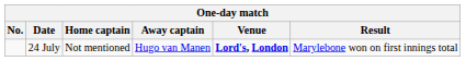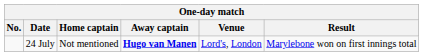 <table class="wikitable">
 <tr>
 <th colspan="9">One-day match</th>
 </tr>
 <tr>
 <th>No.</th>
 <th>Date</th>
 <th>Home captain</th>
 <th>Away captain</th>
 <th>Venue</th>
 <th>Result</th>
 </tr>
 <tr>
 <td></td>
 <td>24 July</td>
 <td>Not mentioned</td>
-<td><a href='#'>Hugo van Manen</a></td>
-<td><strong><a href='#'>Lord's</a>, <a href='#'>London</a></strong></td>
+<td><strong><a href='#'>Hugo van Manen</a></strong></td>
+<td><a href='#'>Lord's</a>, <a href='#'>London</a></td>
 <td><a href='#'>Marylebone</a> won on first innings total</td>
 </tr>
 </table>
